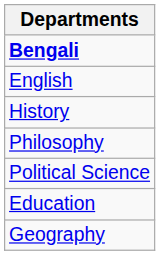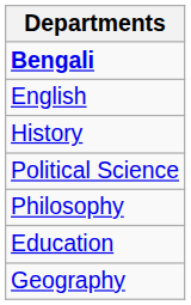 <table class="wikitable sortable">
 <tr>
 <th>Departments</th>
 </tr>
 <tr>
 <td><strong><a href='#'>Bengali</a></strong></td>
 </tr>
 <tr>
 <td><a href='#'>English</a></td>
 </tr>
 <tr>
 <td><a href='#'>History</a></td>
 </tr>
 <tr>
-<td><a href='#'>Philosophy</a></td>
+<td><a href='#'>Political Science</a></td>
 </tr>
 <tr>
-<td><a href='#'>Political Science</a></td>
+<td><a href='#'>Philosophy</a></td>
 </tr>
 <tr>
 <td><a href='#'>Education</a></td>
 </tr>
 <tr>
 <td><a href='#'>Geography</a></td>
 </tr>
 </table>
